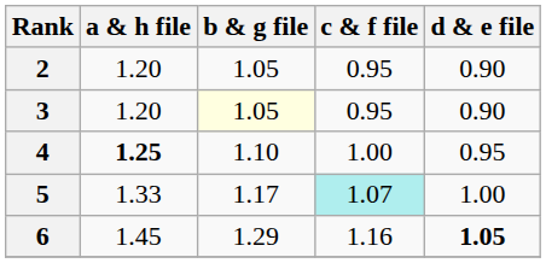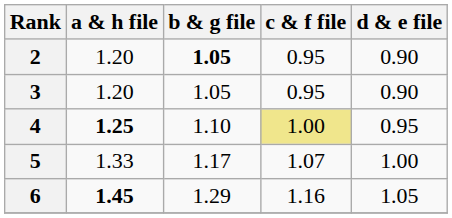 <table class="wikitable" style="text-align:center;">
 <tr>
 <th>Rank</th>
 <th>a & h file</th>
 <th>b & g file</th>
 <th>c & f file</th>
 <th>d & e file</th>
 </tr>
 <tr>
 <th>2</th>
 <td>1.20</td>
-<td>1.05</td>
+<td><strong>1.05</strong></td>
 <td>0.95</td>
 <td>0.90</td>
 </tr>
 <tr>
 <th>3</th>
 <td>1.20</td>
-<td style="background: lightyellow;">1.05</td>
+<td>1.05</td>
 <td>0.95</td>
 <td>0.90</td>
 </tr>
 <tr>
 <th>4</th>
 <td><strong>1.25</strong></td>
 <td>1.10</td>
-<td>1.00</td>
+<td style="background: khaki;">1.00</td>
 <td>0.95</td>
 </tr>
 <tr>
 <th>5</th>
 <td>1.33</td>
 <td>1.17</td>
-<td style="background: paleturquoise;">1.07</td>
+<td>1.07</td>
 <td>1.00</td>
 </tr>
 <tr>
 <th>6</th>
-<td>1.45</td>
+<td><strong>1.45</strong></td>
 <td>1.29</td>
 <td>1.16</td>
-<td><strong>1.05</strong></td>
+<td>1.05</td>
 </tr>
 <tr>
 </tr>
 </table>
